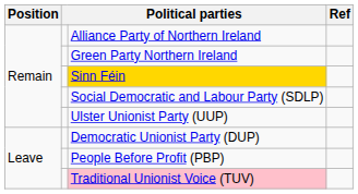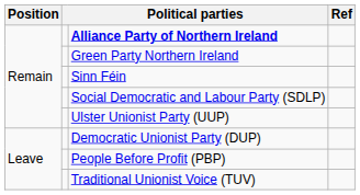 <table class="wikitable">
 <tr>
 <th>Position</th>
 <th colspan=2>Political parties</th>
 <th>Ref</th>
 </tr>
 <tr>
 <td rowspan="5">Remain</td>
 <td style="background-color: "></td>
-<td><a href='#'>Alliance Party of Northern Ireland</a></td>
+<td><strong><a href='#'>Alliance Party of Northern Ireland</a></strong></td>
 <td></td>
 </tr>
 <tr>
 <td style="background-color: "></td>
 <td><a href='#'>Green Party Northern Ireland</a></td>
 <td></td>
 </tr>
 <tr>
 <td style="background-color: "></td>
-<td style="background: gold;"><a href='#'>Sinn Féin</a></td>
+<td><a href='#'>Sinn Féin</a></td>
 <td></td>
 </tr>
 <tr>
 <td style="background-color: "></td>
 <td><a href='#'>Social Democratic and Labour Party</a> (SDLP)</td>
 <td></td>
 </tr>
 <tr>
 <td style="background-color: "></td>
 <td><a href='#'>Ulster Unionist Party</a> (UUP)</td>
 <td></td>
 </tr>
 <tr>
 <td rowspan="3">Leave</td>
 <td style="background-color: "></td>
 <td><a href='#'>Democratic Unionist Party</a> (DUP)</td>
 <td></td>
 </tr>
 <tr>
 <td style="background-color: "></td>
 <td><a href='#'>People Before Profit</a> (PBP)</td>
 <td></td>
 </tr>
 <tr>
 <td style="background-color: "></td>
-<td style="background: pink;"><a href='#'>Traditional Unionist Voice</a> (TUV)</td>
+<td><a href='#'>Traditional Unionist Voice</a> (TUV)</td>
 <td></td>
 </tr>
 </table>
